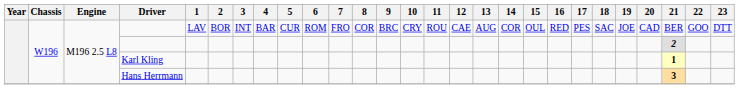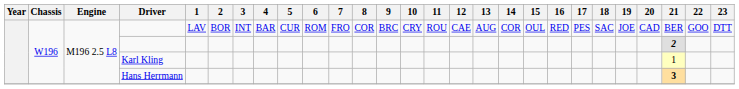 <table class="wikitable" style="text-align:center; font-size:85%">
 <tr>
 <th>Year</th>
 <th>Chassis</th>
 <th>Engine</th>
 <th>Driver</th>
 <th>1</th>
 <th>2</th>
 <th>3</th>
 <th>4</th>
 <th>5</th>
 <th>6</th>
 <th>7</th>
 <th>8</th>
 <th>9</th>
 <th>10</th>
 <th>11</th>
 <th>12</th>
 <th>13</th>
 <th>14</th>
 <th>15</th>
 <th>16</th>
 <th>17</th>
 <th>18</th>
 <th>19</th>
 <th>20</th>
 <th>21</th>
 <th>22</th>
 <th>23</th>
 </tr>
 <tr>
 <th rowspan="4"></th>
 <td rowspan="4"><a href='#'>W196</a></td>
 <td rowspan="4">M196 2.5 <a href='#'>L8</a></td>
 <td></td>
 <td><a href='#'>LAV</a></td>
 <td><a href='#'>BOR</a></td>
 <td><a href='#'>INT</a></td>
 <td><a href='#'>BAR</a></td>
 <td><a href='#'>CUR</a></td>
 <td><a href='#'>ROM</a></td>
 <td><a href='#'>FRO</a></td>
 <td><a href='#'>COR</a></td>
 <td><a href='#'>BRC</a></td>
 <td><a href='#'>CRY</a></td>
 <td><a href='#'>ROU</a></td>
 <td><a href='#'>CAE</a></td>
 <td><a href='#'>AUG</a></td>
 <td><a href='#'>COR</a></td>
 <td><a href='#'>OUL</a></td>
 <td><a href='#'>RED</a></td>
 <td><a href='#'>PES</a></td>
 <td><a href='#'>SAC</a></td>
 <td><a href='#'>JOE</a></td>
 <td><a href='#'>CAD</a></td>
 <td><a href='#'>BER</a></td>
 <td><a href='#'>GOO</a></td>
 <td><a href='#'>DTT</a></td>
 </tr>
 <tr>
 <td align="left"></td>
 <td></td>
 <td></td>
 <td></td>
 <td></td>
 <td></td>
 <td></td>
 <td></td>
 <td></td>
 <td></td>
 <td></td>
 <td></td>
 <td></td>
 <td></td>
 <td></td>
 <td></td>
 <td></td>
 <td></td>
 <td></td>
 <td></td>
 <td></td>
 <td style="background:#DFDFDF;"><strong><em>2</em></strong></td>
 <td></td>
 <td></td>
 </tr>
 <tr>
 <td align="left"> <a href='#'>Karl Kling</a></td>
 <td></td>
 <td></td>
 <td></td>
 <td></td>
 <td></td>
 <td></td>
 <td></td>
 <td></td>
 <td></td>
 <td></td>
 <td></td>
 <td></td>
 <td></td>
 <td></td>
 <td></td>
 <td></td>
 <td></td>
 <td></td>
 <td></td>
 <td></td>
-<td style="background:#FFFFBF;"><strong>1</strong></td>
+<td style="background:#FFFFBF;">1</td>
 <td></td>
 <td></td>
 </tr>
 <tr>
 <td align="left"> <a href='#'>Hans Herrmann</a></td>
 <td></td>
 <td></td>
 <td></td>
 <td></td>
 <td></td>
 <td></td>
 <td></td>
 <td></td>
 <td></td>
 <td></td>
 <td></td>
 <td></td>
 <td></td>
 <td></td>
 <td></td>
 <td></td>
 <td></td>
 <td></td>
 <td></td>
 <td></td>
 <td style="background:#FFDF9F;"><strong>3</strong></td>
 <td></td>
 <td></td>
 </tr>
 <tr>
 </tr>
 </table>
